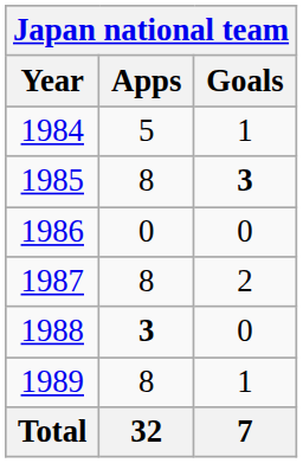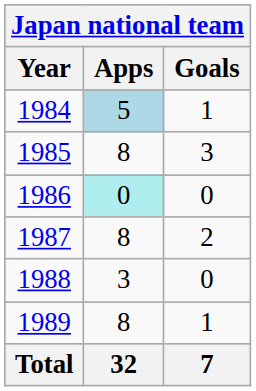 <table class="wikitable" style="text-align:center">
 <tr>
 <th colspan=3><a href='#'>Japan national team</a></th>
 </tr>
 <tr>
 <th>Year</th>
 <th>Apps</th>
 <th>Goals</th>
 </tr>
 <tr>
 <td><a href='#'>1984</a></td>
-<td>5</td>
+<td style="background: lightblue;">5</td>
 <td>1</td>
 </tr>
 <tr>
 <td><a href='#'>1985</a></td>
 <td>8</td>
-<td><strong>3</strong></td>
+<td>3</td>
 </tr>
 <tr>
 <td><a href='#'>1986</a></td>
-<td>0</td>
+<td style="background: paleturquoise;">0</td>
 <td>0</td>
 </tr>
 <tr>
 <td><a href='#'>1987</a></td>
 <td>8</td>
 <td>2</td>
 </tr>
 <tr>
 <td><a href='#'>1988</a></td>
-<td><strong>3</strong></td>
+<td>3</td>
 <td>0</td>
 </tr>
 <tr>
 <td><a href='#'>1989</a></td>
 <td>8</td>
 <td>1</td>
 </tr>
 <tr>
 <th>Total</th>
 <th>32</th>
 <th>7</th>
 </tr>
 </table>
